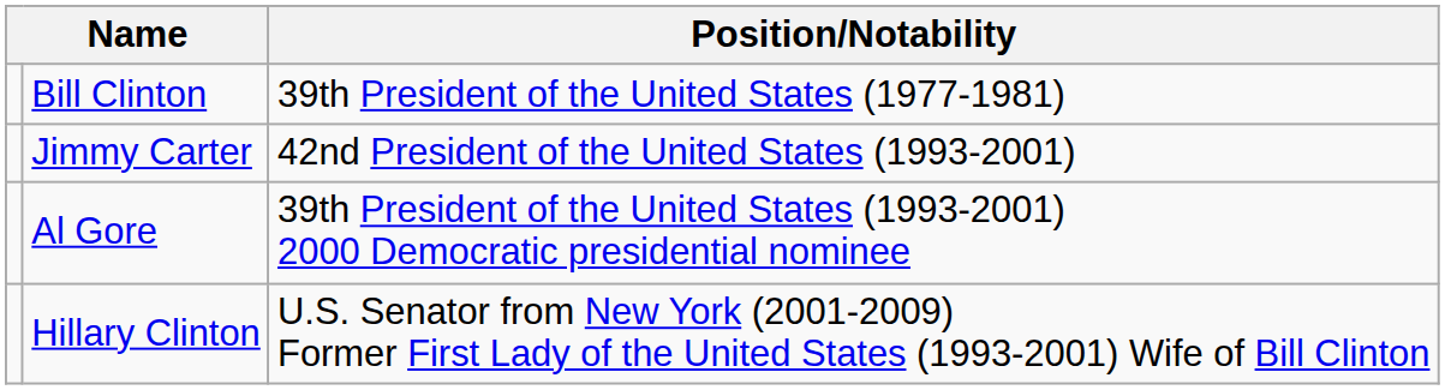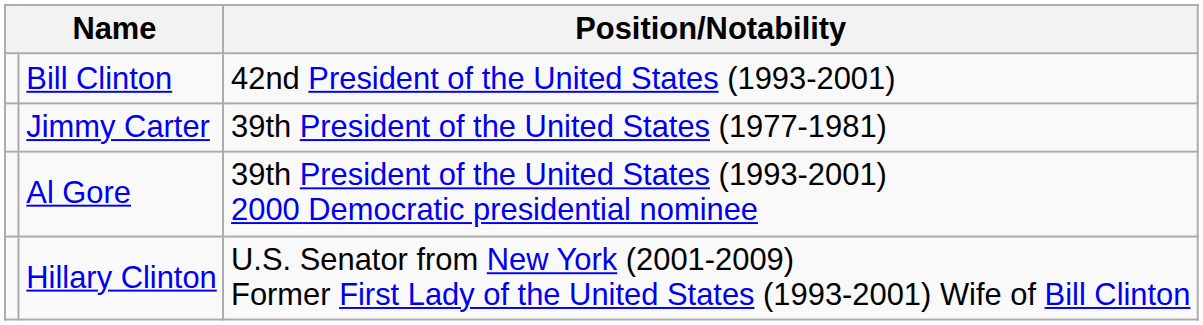 <table class="wikitable">
 <tr>
 <th colspan="2">Name</th>
 <th>Position/Notability</th>
 </tr>
 <tr>
 <td></td>
 <td><a href='#'>Bill Clinton</a></td>
-<td>39th <a href='#'>President of the United States</a> (1977-1981)</td>
+<td>42nd <a href='#'>President of the United States</a> (1993-2001)</td>
 </tr>
 <tr>
 <td></td>
 <td><a href='#'>Jimmy Carter</a></td>
-<td>42nd <a href='#'>President of the United States</a> (1993-2001)</td>
+<td>39th <a href='#'>President of the United States</a> (1977-1981)</td>
 </tr>
 <tr>
 <td></td>
 <td><a href='#'>Al Gore</a></td>
 <td>39th <a href='#'>President of the United States</a> (1993-2001)<br><a href='#'>2000 Democratic presidential nominee</a></td>
 </tr>
 <tr>
 <td></td>
 <td><a href='#'>Hillary Clinton</a></td>
 <td>U.S. Senator from <a href='#'>New York</a> (2001-2009)<br>Former <a href='#'>First Lady of the United States</a> (1993-2001) Wife of <a href='#'>Bill Clinton</a></td>
 </tr>
 </table>
